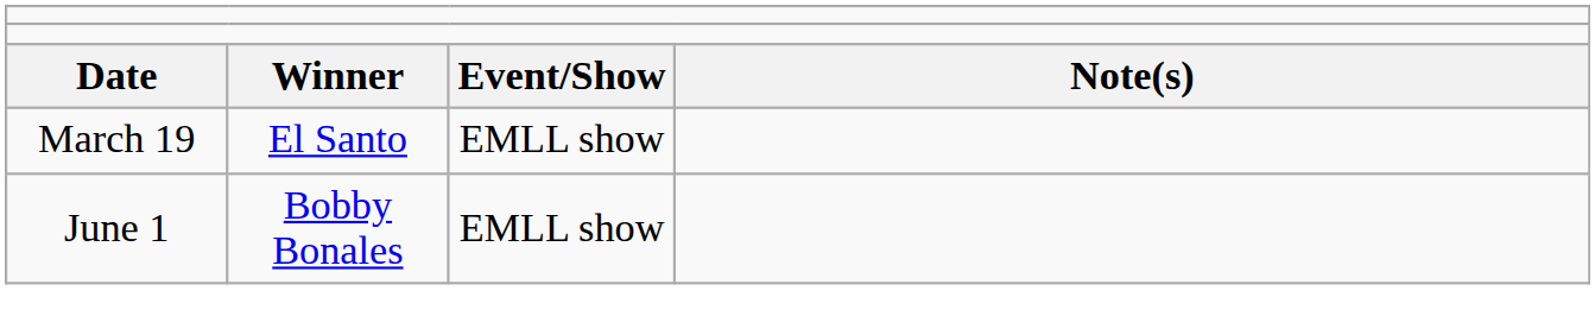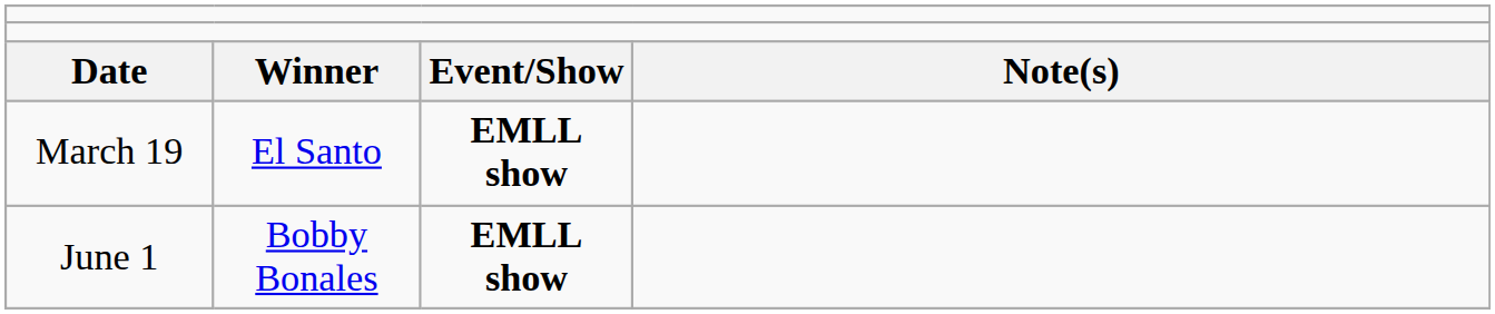 <table class="wikitable" style="text-align:center; width:100%;">
 <tr>
 <td colspan="5"></td>
 </tr>
 <tr>
 <td colspan="5"><strong></strong></td>
 </tr>
 <tr>
 <th width=14%>Date</th>
 <th width=14%>Winner</th>
 <th width=14%>Event/Show</th>
 <th width=58%>Note(s)</th>
 </tr>
 <tr>
 <td>March 19</td>
 <td><a href='#'>El Santo</a></td>
-<td>EMLL show</td>
+<td><strong>EMLL show</strong></td>
 <td align=left></td>
 </tr>
 <tr>
 <td>June 1</td>
 <td><a href='#'>Bobby Bonales</a></td>
-<td>EMLL show</td>
+<td><strong>EMLL show</strong></td>
 <td align=left></td>
 </tr>
 </table>
